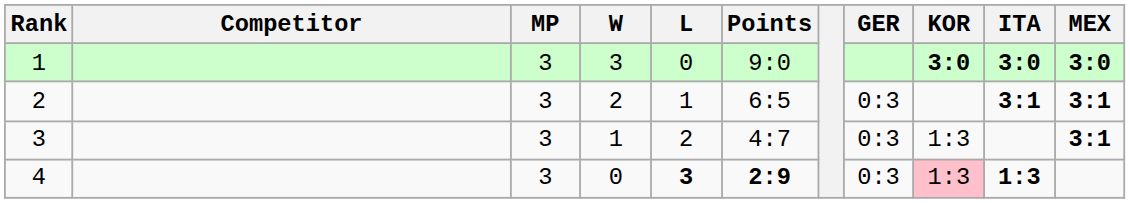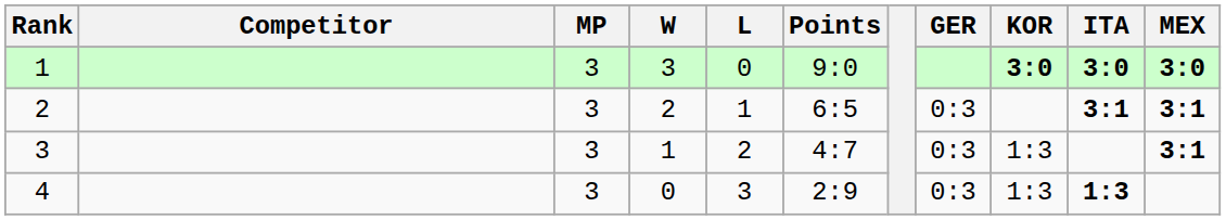 <table class="wikitable" style="text-align:center">
 <tr>
 <th>Rank</th>
 <th style="width:18em">Competitor</th>
 <th style="width:2.5em">MP</th>
 <th style="width:2.5em">W</th>
 <th style="width:2.5em">L</th>
 <th>Points</th>
 <th rowspan="5"> </th>
 <th style="width:2.5em">GER</th>
 <th style="width:2.5em">KOR</th>
 <th style="width:2.5em">ITA</th>
 <th style="width:2.5em">MEX</th>
 </tr>
 <tr style="background:#cfc;">
 <td>1</td>
 <td style="text-align:left"></td>
 <td>3</td>
 <td>3</td>
 <td>0</td>
 <td>9:0</td>
 <td></td>
 <td><strong>3:0</strong></td>
 <td><strong>3:0</strong></td>
 <td><strong>3:0</strong></td>
 </tr>
 <tr>
 <td>2</td>
 <td style="text-align:left"></td>
 <td>3</td>
 <td>2</td>
 <td>1</td>
 <td>6:5</td>
 <td>0:3</td>
 <td></td>
 <td><strong>3:1</strong></td>
 <td><strong>3:1</strong></td>
 </tr>
 <tr>
 <td>3</td>
 <td style="text-align:left"></td>
 <td>3</td>
 <td>1</td>
 <td>2</td>
 <td>4:7</td>
 <td>0:3</td>
 <td>1:3</td>
 <td></td>
 <td><strong>3:1</strong></td>
 </tr>
 <tr>
 <td>4</td>
 <td style="text-align:left"></td>
 <td>3</td>
 <td>0</td>
-<td><strong>3</strong></td>
-<td><strong>2:9</strong></td>
+<td>3</td>
+<td>2:9</td>
 <td>0:3</td>
-<td style="background: pink;">1:3</td>
+<td>1:3</td>
 <td><strong>1:3</strong></td>
 <td></td>
 </tr>
 </table>
